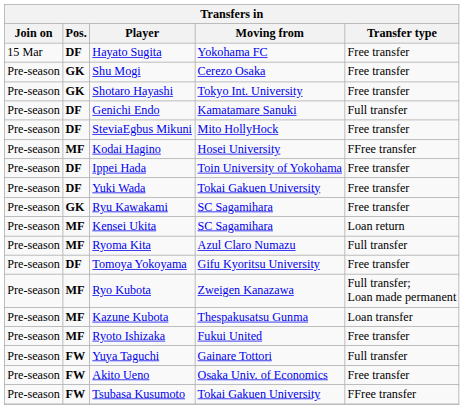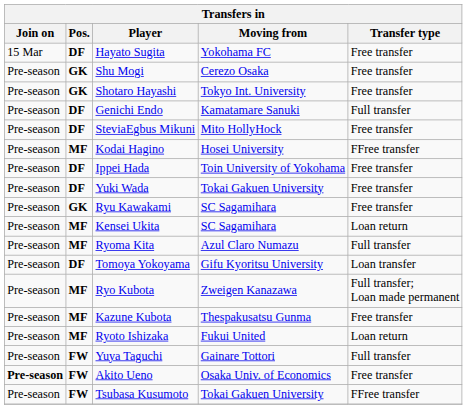 <table class="wikitable sortable" style=“text-align:left;>
 <tr>
 <th colspan="5">Transfers in</th>
 </tr>
 <tr>
 <th>Join on</th>
 <th>Pos.</th>
 <th>Player</th>
 <th>Moving from</th>
 <th>Transfer type</th>
 </tr>
 <tr>
 <td>15 Mar</td>
 <td><strong>DF</strong></td>
 <td> <a href='#'>Hayato Sugita</a></td>
 <td> <a href='#'>Yokohama FC</a></td>
 <td>Free transfer</td>
 </tr>
 <tr>
 <td>Pre-season</td>
 <td><strong>GK</strong></td>
 <td> <a href='#'>Shu Mogi</a></td>
 <td> <a href='#'>Cerezo Osaka</a></td>
 <td>Free transfer</td>
 </tr>
 <tr>
 <td>Pre-season</td>
 <td><strong>GK</strong></td>
 <td> <a href='#'>Shotaro Hayashi</a></td>
 <td> <a href='#'>Tokyo Int. University</a></td>
 <td>Free transfer</td>
 </tr>
 <tr>
 <td>Pre-season</td>
 <td><strong>DF</strong></td>
 <td> <a href='#'>Genichi Endo</a></td>
 <td> <a href='#'>Kamatamare Sanuki</a></td>
 <td>Full transfer</td>
 </tr>
 <tr>
 <td>Pre-season</td>
 <td><strong>DF</strong></td>
 <td> <a href='#'>SteviaEgbus Mikuni</a></td>
 <td> <a href='#'>Mito HollyHock</a></td>
 <td>Free transfer</td>
 </tr>
 <tr>
 <td>Pre-season</td>
 <td><strong>MF</strong></td>
 <td> <a href='#'>Kodai Hagino</a></td>
 <td> <a href='#'>Hosei University</a></td>
 <td>FFree transfer</td>
 </tr>
 <tr>
 <td>Pre-season</td>
 <td><strong>DF</strong></td>
 <td> <a href='#'>Ippei Hada</a></td>
 <td> <a href='#'>Toin University of Yokohama</a></td>
 <td>Free transfer</td>
 </tr>
 <tr>
 <td>Pre-season</td>
 <td><strong>DF</strong></td>
 <td> <a href='#'>Yuki Wada</a></td>
 <td> <a href='#'>Tokai Gakuen University</a></td>
 <td>Free transfer</td>
 </tr>
 <tr>
 <td>Pre-season</td>
 <td><strong>GK</strong></td>
 <td> <a href='#'>Ryu Kawakami</a></td>
 <td> <a href='#'>SC Sagamihara</a></td>
 <td>Free transfer</td>
 </tr>
 <tr>
 <td>Pre-season</td>
 <td><strong>MF</strong></td>
 <td> <a href='#'>Kensei Ukita</a></td>
 <td> <a href='#'>SC Sagamihara</a></td>
 <td>Loan return</td>
 </tr>
 <tr>
 <td>Pre-season</td>
 <td><strong>MF</strong></td>
 <td> <a href='#'>Ryoma Kita</a></td>
 <td> <a href='#'>Azul Claro Numazu</a></td>
 <td>Full transfer</td>
 </tr>
 <tr>
 <td>Pre-season</td>
 <td><strong>DF</strong></td>
 <td> <a href='#'>Tomoya Yokoyama</a></td>
 <td> <a href='#'>Gifu Kyoritsu University</a></td>
-<td>Free transfer</td>
+<td>Loan transfer</td>
 </tr>
 <tr>
 <td>Pre-season</td>
 <td><strong>MF</strong></td>
 <td> <a href='#'>Ryo Kubota</a></td>
 <td> <a href='#'>Zweigen Kanazawa</a></td>
 <td>Full transfer;<br> Loan made permanent</td>
 </tr>
 <tr>
 <td>Pre-season</td>
 <td><strong>MF</strong></td>
 <td> <a href='#'>Kazune Kubota</a></td>
 <td> <a href='#'>Thespakusatsu Gunma</a></td>
-<td>Loan transfer</td>
+<td>Free transfer</td>
 </tr>
 <tr>
 <td>Pre-season</td>
 <td><strong>MF</strong></td>
 <td> <a href='#'>Ryoto Ishizaka</a></td>
 <td> <a href='#'>Fukui United</a></td>
-<td>Free transfer</td>
+<td>Loan return</td>
 </tr>
 <tr>
 <td>Pre-season</td>
 <td><strong>FW</strong></td>
 <td> <a href='#'>Yuya Taguchi</a></td>
 <td> <a href='#'>Gainare Tottori</a></td>
 <td>Full transfer</td>
 </tr>
 <tr>
-<td>Pre-season</td>
+<td><strong>Pre-season</strong></td>
 <td><strong>FW</strong></td>
 <td> <a href='#'>Akito Ueno</a></td>
 <td> <a href='#'>Osaka Univ. of Economics</a></td>
 <td>Free transfer</td>
 </tr>
 <tr>
 <td>Pre-season</td>
 <td><strong>FW</strong></td>
 <td> <a href='#'>Tsubasa Kusumoto</a></td>
 <td> <a href='#'>Tokai Gakuen University</a></td>
 <td>FFree transfer</td>
 </tr>
 <tr>
 </tr>
 </table>
